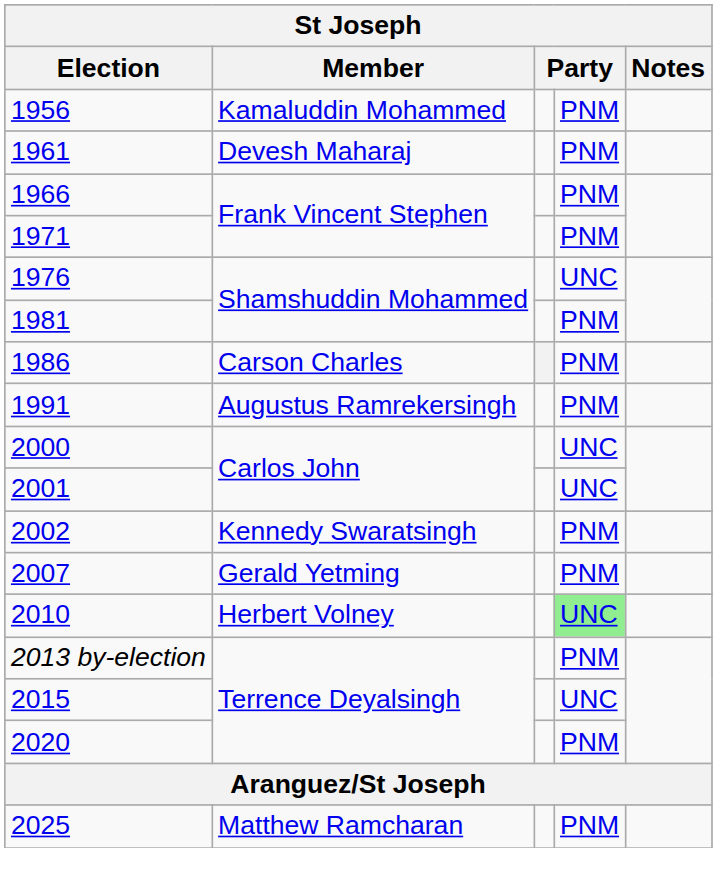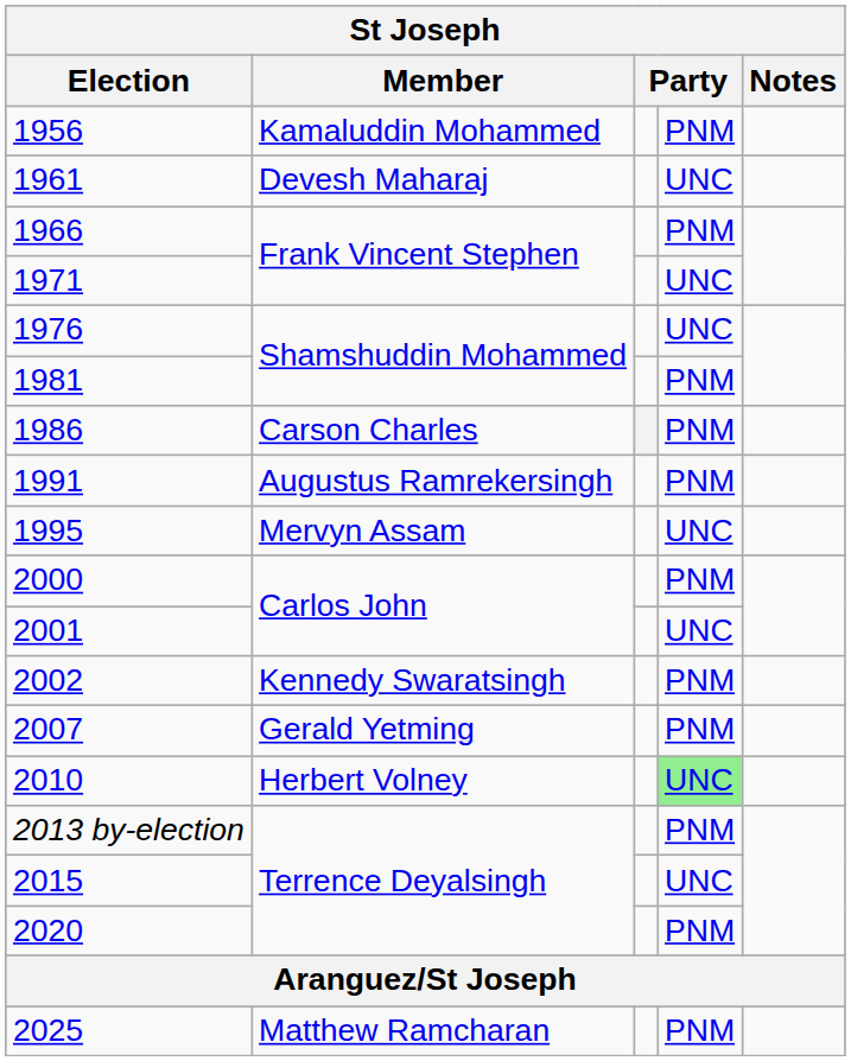 <table class="wikitable sortable">
 <tr>
 <th colspan="5">St Joseph</th>
 </tr>
 <tr>
 <th>Election</th>
 <th>Member</th>
 <th colspan="2">Party</th>
 <th>Notes</th>
 </tr>
 <tr>
 <td><a href='#'>1956</a></td>
 <td><a href='#'>Kamaluddin Mohammed</a></td>
 <td style="background:"> </td>
 <td><a href='#'>PNM</a></td>
 <td></td>
 </tr>
 <tr>
 <td><a href='#'>1961</a></td>
 <td><a href='#'>Devesh Maharaj</a></td>
 <td style="background:"> </td>
-<td><a href='#'>PNM</a></td>
+<td><a href='#'>UNC</a></td>
 <td></td>
 </tr>
 <tr>
 <td><a href='#'>1966</a></td>
 <td rowspan="2"><a href='#'>Frank Vincent Stephen</a></td>
 <td style="background:"> </td>
 <td><a href='#'>PNM</a></td>
 <td rowspan="2"></td>
 </tr>
 <tr>
 <td><a href='#'>1971</a></td>
 <td style="background:"> </td>
-<td><a href='#'>PNM</a></td>
+<td><a href='#'>UNC</a></td>
 </tr>
 <tr>
 <td><a href='#'>1976</a></td>
 <td rowspan="2"><a href='#'>Shamshuddin Mohammed</a></td>
 <td style="background:"> </td>
 <td><a href='#'>UNC</a></td>
 <td rowspan="2"></td>
 </tr>
 <tr>
 <td><a href='#'>1981</a></td>
 <td style="background:"> </td>
 <td><a href='#'>PNM</a></td>
 </tr>
 <tr>
 <td><a href='#'>1986</a></td>
 <td><a href='#'>Carson Charles</a></td>
 <th style="background-color: "></th>
 <td><a href='#'>PNM</a></td>
 <td></td>
 </tr>
 <tr>
 <td><a href='#'>1991</a></td>
 <td><a href='#'>Augustus Ramrekersingh</a></td>
 <td style="background:"> </td>
 <td><a href='#'>PNM</a></td>
 <td></td>
 </tr>
 <tr>
+<td><a href='#'>1995</a></td>
+<td><a href='#'>Mervyn Assam</a></td>
+<td style="background:"> </td>
+<td><a href='#'>UNC</a></td>
+<td></td>
+</tr>
+<tr>
 <td><a href='#'>2000</a></td>
 <td rowspan="2"><a href='#'>Carlos John</a></td>
 <td style="background:"> </td>
-<td><a href='#'>UNC</a></td>
+<td><a href='#'>PNM</a></td>
 <td rowspan="2"></td>
 </tr>
 <tr>
 <td><a href='#'>2001</a></td>
 <td style="background:"> </td>
 <td><a href='#'>UNC</a></td>
 </tr>
 <tr>
 <td><a href='#'>2002</a></td>
 <td><a href='#'>Kennedy Swaratsingh</a></td>
 <td style="background:"> </td>
 <td><a href='#'>PNM</a></td>
 <td></td>
 </tr>
 <tr>
 <td><a href='#'>2007</a></td>
 <td><a href='#'>Gerald Yetming</a></td>
 <td style="background:"> </td>
 <td><a href='#'>PNM</a></td>
 <td></td>
 </tr>
 <tr>
 <td><a href='#'>2010</a></td>
 <td><a href='#'>Herbert Volney</a></td>
 <td style="background:"> </td>
 <td style="background: lightgreen;"><a href='#'>UNC</a></td>
 <td></td>
 </tr>
 <tr>
 <td><em>2013 by-election</em></td>
 <td rowspan="3"><a href='#'>Terrence Deyalsingh</a></td>
 <td style="background:"> </td>
 <td><a href='#'>PNM</a></td>
 <td rowspan="3"></td>
 </tr>
 <tr>
 <td><a href='#'>2015</a></td>
 <td style="background:"> </td>
 <td><a href='#'>UNC</a></td>
 </tr>
 <tr>
 <td><a href='#'>2020</a></td>
 <td style="background:"> </td>
 <td><a href='#'>PNM</a></td>
 </tr>
 <tr>
 <th colspan="5">Aranguez/St Joseph</th>
 </tr>
 <tr>
 <td><a href='#'>2025</a></td>
 <td><a href='#'>Matthew Ramcharan</a></td>
 <td style="background:"> </td>
 <td><a href='#'>PNM</a></td>
 <td></td>
 </tr>
 </table>
